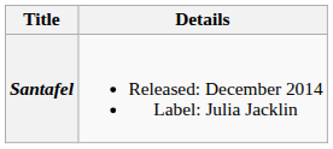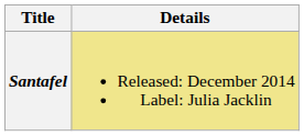 <table class="wikitable plainrowheaders" style="text-align:center;" border="1">
 <tr>
 <th>Title</th>
 <th>Details</th>
 </tr>
 <tr>
 <th scope="row"><em>Santafel</em></th>
-<td><br><ul><li>Released: December 2014</li><li>Label: Julia Jacklin</li></ul></td>
+<td style="background: khaki;"><br><ul><li>Released: December 2014</li><li>Label: Julia Jacklin</li></ul></td>
 </tr>
 </table>
